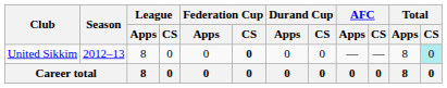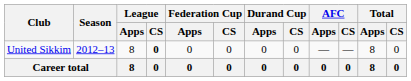 <table class="wikitable" style="font-size:90%; text-align:center;">
 <tr>
 <th rowspan="2">Club</th>
 <th rowspan="2">Season</th>
 <th colspan="2">League</th>
 <th colspan="2">Federation Cup</th>
 <th colspan="2">Durand Cup</th>
 <th colspan="2"><a href='#'>AFC</a></th>
 <th colspan="2">Total</th>
 </tr>
 <tr>
 <th>Apps</th>
 <th>CS</th>
 <th>Apps</th>
 <th>CS</th>
 <th>Apps</th>
 <th>CS</th>
 <th>Apps</th>
 <th>CS</th>
 <th>Apps</th>
 <th>CS</th>
 </tr>
 <tr>
 <td rowspan="1"><a href='#'>United Sikkim</a></td>
 <td><a href='#'>2012–13</a></td>
 <td>8</td>
+<td><strong>0</strong></td>
 <td>0</td>
 <td>0</td>
-<td><strong>0</strong></td>
 <td>0</td>
 <td>0</td>
 <td>—</td>
 <td>—</td>
 <td>8</td>
-<td style="background: paleturquoise;">0</td>
+<td>0</td>
 </tr>
 <tr>
 <th colspan="2">Career total</th>
 <th>8</th>
 <th>0</th>
 <th>0</th>
 <th>0</th>
 <th>0</th>
 <th>0</th>
 <th>0</th>
 <th>0</th>
 <th>8</th>
 <th>0</th>
 </tr>
 </table>
